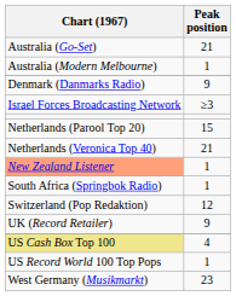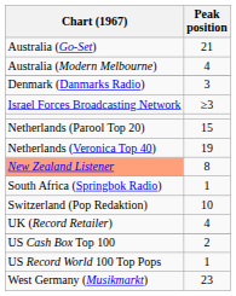 <table class="wikitable sortable">
 <tr>
 <th align="left">Chart (1967)</th>
 <th style="text-align:center;">Peak<br>position</th>
 </tr>
 <tr>
 <td align="left">Australia (<em><a href='#'>Go-Set</a></em>)</td>
 <td style="text-align:center;">21</td>
 </tr>
 <tr>
 <td align="left">Australia (<em>Modern Melbourne</em>)</td>
-<td style="text-align:center;">1</td>
+<td style="text-align:center;">4</td>
 </tr>
 <tr>
 </tr>
 <tr>
 </tr>
 <tr>
 </tr>
 <tr>
 <td align="left">Denmark (<a href='#'>Danmarks Radio</a>)</td>
-<td style="text-align:center;">9</td>
+<td style="text-align:center;">3</td>
 </tr>
 <tr>
 <td align="left"><a href='#'>Israel Forces Broadcasting Network</a></td>
 <td style="text-align:center;">≥3</td>
 </tr>
 <tr>
 <td></td>
 </tr>
 <tr>
 <td align="left">Netherlands (Parool Top 20)</td>
 <td style="text-align:center;">15</td>
 </tr>
 <tr>
 <td align="left">Netherlands (<a href='#'>Veronica Top 40</a>)</td>
-<td style="text-align:center;">21</td>
+<td style="text-align:center;">19</td>
 </tr>
 <tr>
 <td align="left" style="background: lightsalmon;"><em><a href='#'>New Zealand Listener</a></em></td>
-<td style="text-align:center;">1</td>
+<td style="text-align:center;">8</td>
 </tr>
 <tr>
 <td align="left">South Africa (<a href='#'>Springbok Radio</a>)</td>
 <td style="text-align:center;">1</td>
 </tr>
 <tr>
 <td align="left">Switzerland (Pop Redaktion)</td>
-<td style="text-align:center;">12</td>
+<td style="text-align:center;">10</td>
 </tr>
 <tr>
 <td align="left">UK (<em>Record Retailer</em>)</td>
-<td style="text-align:center;">9</td>
+<td style="text-align:center;">4</td>
 </tr>
 <tr>
 </tr>
 <tr>
-<td align="left" style="background: khaki;">US <em>Cash Box</em> Top 100</td>
-<td style="text-align:center;">4</td>
+<td align="left">US <em>Cash Box</em> Top 100</td>
+<td style="text-align:center;">2</td>
 </tr>
 <tr>
 <td align="left">US <em>Record World</em> 100 Top Pops</td>
 <td style="text-align:center;">1</td>
 </tr>
 <tr>
 <td align="left">West Germany (<em><a href='#'>Musikmarkt</a></em>)</td>
 <td style="text-align:center;">23</td>
 </tr>
 </table>
